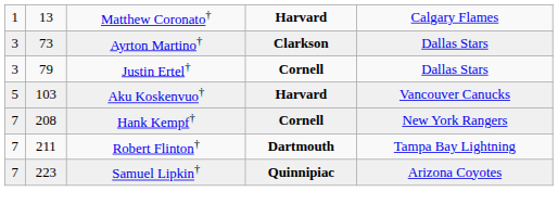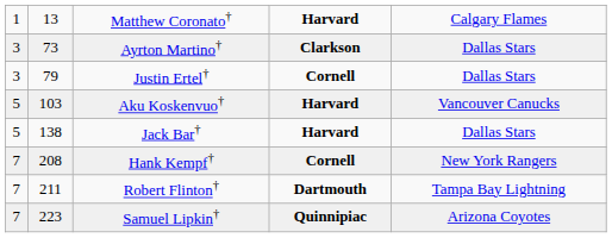 <table class="wikitable" width="50%">
 <tr align="center" bgcolor="">
 <td>1</td>
 <td>13</td>
 <td><a href='#'>Matthew Coronato</a><sup>†</sup></td>
 <td><strong>Harvard</strong></td>
 <td><a href='#'>Calgary Flames</a></td>
 </tr>
 <tr align="center" bgcolor="f0f0f0">
 <td>3</td>
 <td>73</td>
 <td><a href='#'>Ayrton Martino</a><sup>†</sup></td>
 <td><strong>Clarkson</strong></td>
 <td><a href='#'>Dallas Stars</a></td>
 </tr>
 <tr align="center" bgcolor="">
 <td>3</td>
 <td>79</td>
 <td><a href='#'>Justin Ertel</a><sup>†</sup></td>
 <td><strong>Cornell</strong></td>
 <td><a href='#'>Dallas Stars</a></td>
 </tr>
 <tr align="center" bgcolor="f0f0f0">
 <td>5</td>
 <td>103</td>
 <td><a href='#'>Aku Koskenvuo</a><sup>†</sup></td>
 <td><strong>Harvard</strong></td>
 <td><a href='#'>Vancouver Canucks</a></td>
 </tr>
+<tr align="center" bgcolor="">
+<td>5</td>
+<td>138</td>
+<td><a href='#'>Jack Bar</a><sup>†</sup></td>
+<td><strong>Harvard</strong></td>
+<td><a href='#'>Dallas Stars</a></td>
+</tr>
 <tr align="center" bgcolor="f0f0f0">
 <td>7</td>
 <td>208</td>
 <td><a href='#'>Hank Kempf</a><sup>†</sup></td>
 <td><strong>Cornell</strong></td>
 <td><a href='#'>New York Rangers</a></td>
 </tr>
 <tr align="center" bgcolor="">
 <td>7</td>
 <td>211</td>
 <td><a href='#'>Robert Flinton</a><sup>†</sup></td>
 <td><strong>Dartmouth</strong></td>
 <td><a href='#'>Tampa Bay Lightning</a></td>
 </tr>
 <tr align="center" bgcolor="f0f0f0">
 <td>7</td>
 <td>223</td>
 <td><a href='#'>Samuel Lipkin</a><sup>†</sup></td>
 <td><strong>Quinnipiac</strong></td>
 <td><a href='#'>Arizona Coyotes</a></td>
 </tr>
 </table>
